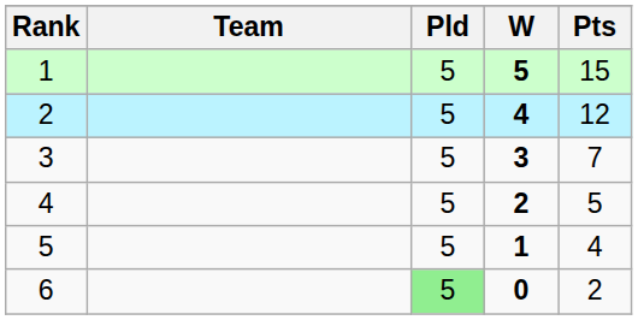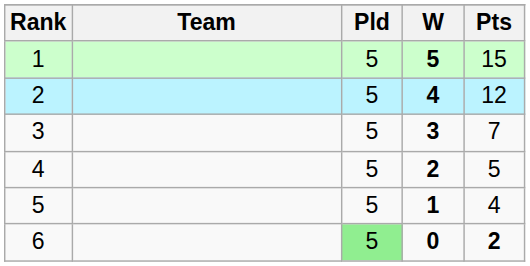 <table class="wikitable">
 <tr>
 </tr>
 <tr>
 <th style="width:35px;">Rank</th>
 <th style="width:180px;">Team</th>
 <th style="width:35px;">Pld</th>
 <th style="width:35px;">W</th>
 <th style="width:35px;">Pts</th>
 </tr>
 <tr bgcolor=#ccffcc>
 <td align=center>1</td>
 <td></td>
 <td align=center>5</td>
 <td align=center><strong>5</strong></td>
 <td align=center>15</td>
 </tr>
 <tr bgcolor=#bbf3ff>
 <td align=center>2</td>
 <td></td>
 <td align=center>5</td>
 <td align=center><strong>4</strong></td>
 <td align=center>12</td>
 </tr>
 <tr>
 <td align=center>3</td>
 <td></td>
 <td align=center>5</td>
 <td align=center><strong>3</strong></td>
 <td align=center>7</td>
 </tr>
 <tr>
 <td align=center>4</td>
 <td></td>
 <td align=center>5</td>
 <td align=center><strong>2</strong></td>
 <td align=center>5</td>
 </tr>
 <tr>
 <td align=center>5</td>
 <td></td>
 <td align=center>5</td>
 <td align=center><strong>1</strong></td>
 <td align=center>4</td>
 </tr>
 <tr>
 <td align=center>6</td>
 <td></td>
 <td align=center style="background: lightgreen;">5</td>
 <td align=center><strong>0</strong></td>
-<td align=center>2</td>
+<td align=center><strong>2</strong></td>
 </tr>
 </table>
